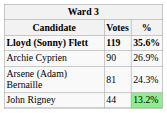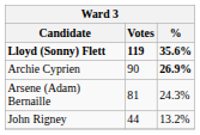 <table class="wikitable" style="width:260px">
 <tr>
 <th colspan=3>Ward 3</th>
 </tr>
 <tr>
 <th>Candidate</th>
 <th>Votes</th>
 <th>%</th>
 </tr>
 <tr>
 <td><strong>Lloyd (Sonny) Flett</strong></td>
 <td><strong>119</strong></td>
 <td><strong>35.6%</strong></td>
 </tr>
 <tr>
 <td>Archie Cyprien</td>
 <td>90</td>
-<td>26.9%</td>
+<td><strong>26.9%</strong></td>
 </tr>
 <tr>
 <td>Arsene (Adam) Bernaille</td>
 <td>81</td>
 <td>24.3%</td>
 </tr>
 <tr>
 <td>John Rigney</td>
 <td>44</td>
-<td style="background: lightgreen;">13.2%</td>
+<td>13.2%</td>
 </tr>
 <tr>
 </tr>
 </table>
